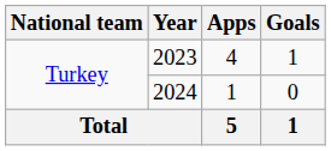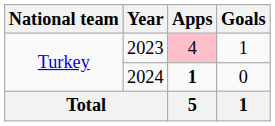 <table class="wikitable" style="text-align:center">
 <tr>
 <th>National team</th>
 <th>Year</th>
 <th>Apps</th>
 <th>Goals</th>
 </tr>
 <tr>
 <td rowspan="2"><a href='#'>Turkey</a></td>
 <td>2023</td>
-<td>4</td>
+<td style="background: pink;">4</td>
 <td>1</td>
 </tr>
 <tr>
 <td>2024</td>
-<td>1</td>
+<td><strong>1</strong></td>
 <td>0</td>
 </tr>
 <tr>
 <th colspan="2">Total</th>
 <th>5</th>
 <th>1</th>
 </tr>
 </table>
